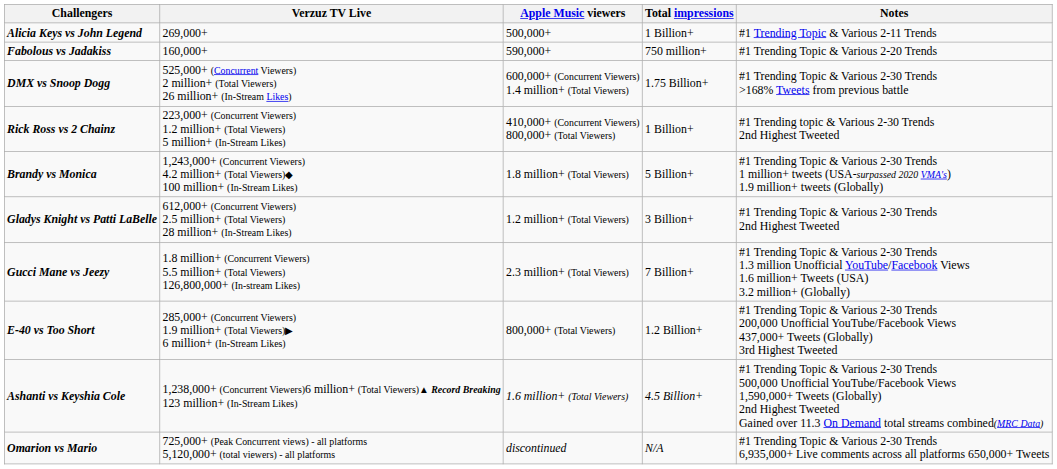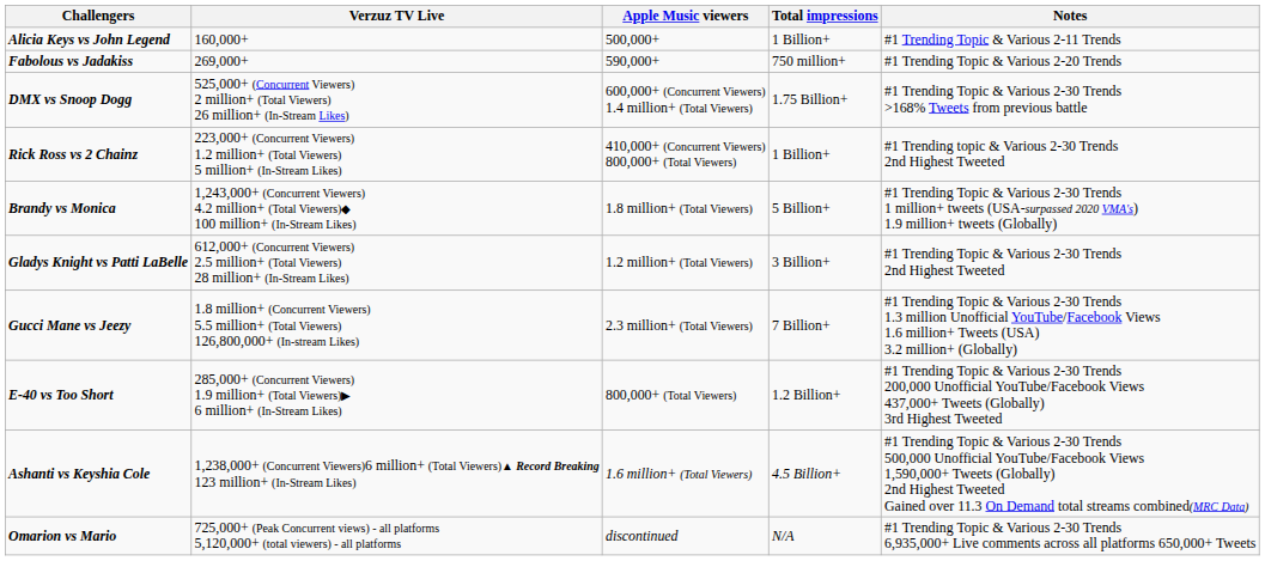 <table class="wikitable">
 <tr>
 <th>Challengers</th>
 <th>Verzuz TV Live</th>
 <th><a href='#'>Apple Music</a> viewers</th>
 <th>Total <a href='#'>impressions</a></th>
 <th>Notes</th>
 </tr>
 <tr>
 <td><strong><em>Alicia Keys vs John Legend</em></strong></td>
-<td>269,000+</td>
+<td>160,000+</td>
 <td>500,000+</td>
 <td>1 Billion+</td>
 <td>#1 <a href='#'>Trending Topic</a> & Various 2-11 Trends</td>
 </tr>
 <tr>
 <td><strong><em>Fabolous vs Jadakiss</em></strong></td>
-<td>160,000+</td>
+<td>269,000+</td>
 <td>590,000+</td>
 <td>750 million+</td>
 <td>#1 Trending Topic & Various 2-20 Trends</td>
 </tr>
 <tr>
 <td><strong><em>DMX vs Snoop Dogg</em></strong></td>
 <td>525,000+ <small>(<a href='#'>Concurrent</a> Viewers)</small><br>2 million+ <small>(Total Viewers)</small><br>26 million+ <small>(In-Stream <a href='#'>Likes</a>)</small></td>
 <td>600,000+ <small>(Concurrent Viewers)</small><br>1.4 million+ <small>(Total Viewers)</small></td>
 <td>1.75 Billion+</td>
 <td>#1 Trending Topic & Various 2-30 Trends<br>>168% <a href='#'>Tweets</a> from previous battle</td>
 </tr>
 <tr>
 <td><strong><em>Rick Ross vs 2 Chainz</em></strong></td>
 <td>223,000+ <small>(Concurrent Viewers)</small><br>1.2 million+ <small>(Total Viewers)</small><br>5 million+ <small>(In-Stream Likes)</small></td>
 <td>410,000+ <small>(Concurrent Viewers)</small><br>800,000+ <small>(Total Viewers)</small></td>
 <td>1 Billion+</td>
 <td>#1 Trending topic & Various 2-30 Trends<br>2nd Highest Tweeted</td>
 </tr>
 <tr>
 <td><strong><em>Brandy vs Monica</em></strong></td>
 <td>1,243,000+ <small>(Concurrent Viewers)</small><br>4.2 million+ <small>(Total Viewers)◆</small><br>100 million+ <small>(In-Stream Likes)</small></td>
 <td>1.8 million+ <small>(Total Viewers)</small></td>
 <td>5 Billion+</td>
 <td>#1 Trending Topic & Various 2-30 Trends<br>1 million+ tweets  (USA-<em><small>surpassed 2020 <a href='#'>VMA's</a></small></em>)<br>1.9 million+ tweets (Globally)</td>
 </tr>
 <tr>
 <td><strong><em>Gladys Knight vs Patti LaBelle</em></strong></td>
 <td>612,000+ <small>(Concurrent Viewers)</small><br>2.5 million+ <small>(Total Viewers)</small><br>28 million+ <small>(In-Stream Likes)</small></td>
 <td>1.2 million+ <small>(Total Viewers)</small></td>
 <td>3 Billion+</td>
 <td>#1 Trending Topic & Various 2-30 Trends<br>2nd Highest Tweeted</td>
 </tr>
 <tr>
 <td><strong><em>Gucci Mane vs Jeezy</em></strong></td>
 <td>1.8 million+ <small>(Concurrent Viewers)</small><br>5.5 million+ <small>(Total Viewers)</small><br>126,800,000+ <small>(In-stream Likes)</small></td>
 <td>2.3 million+ <small>(Total Viewers)</small></td>
 <td>7 Billion+</td>
 <td>#1 Trending Topic & Various 2-30 Trends<br>1.3 million Unofficial <a href='#'>YouTube</a>/<a href='#'>Facebook</a> Views<br>1.6 million+ Tweets (USA)<br>3.2 million+ (Globally)</td>
 </tr>
 <tr>
 <td><strong><em>E-40 vs Too Short</em></strong></td>
 <td>285,000+ <small>(Concurrent Viewers)</small><br>1.9 million+ <small>(Total Viewers)▶</small><br>6 million+ <small>(In-Stream Likes)</small></td>
 <td>800,000+ <small>(Total Viewers)</small></td>
 <td>1.2 Billion+</td>
 <td>#1 Trending Topic & Various 2-30 Trends<br>200,000 Unofficial YouTube/Facebook Views<br>437,000+ Tweets (Globally)<br>3rd Highest Tweeted</td>
 </tr>
 <tr>
 <td><strong><em>Ashanti vs Keyshia Cole</em></strong></td>
 <td>1,238,000+ <small>(Concurrent Viewers)</small>6 million+ <small>(Total Viewers)▲ <strong><em>Record Breaking</em></strong></small><br>123 million+ <small>(In-Stream Likes)</small></td>
 <td><em>1.6 million+ <small>(Total Viewers)</small></em></td>
 <td><em>4.5 Billion+</em></td>
 <td>#1 Trending Topic & Various 2-30 Trends<br>500,000 Unofficial YouTube/Facebook Views<br>1,590,000+ Tweets (Globally)<br>2nd Highest Tweeted<br>Gained over 11.3 <a href='#'>On Demand</a> total streams combined<em><small>(<a href='#'>MRC Data</a>)</small></em></td>
 </tr>
 <tr>
 <td><strong><em>Omarion vs Mario</em></strong></td>
 <td>725,000+ <small>(Peak Concurrent views) - all platforms</small><br>5,120,000+ <small>(total viewers) - all platforms</small></td>
 <td><em>discontinued</em></td>
 <td><em>N/A</em></td>
 <td>#1 Trending Topic & Various 2-30 Trends<br>6,935,000+ Live comments across all platforms 650,000+ Tweets</td>
 </tr>
 </table>
